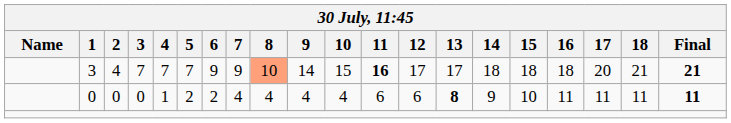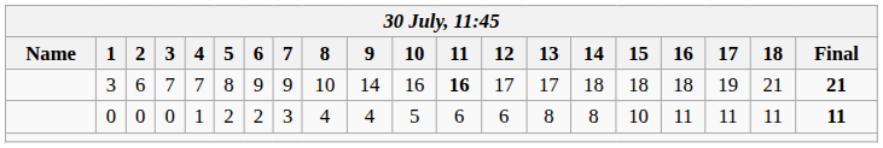 <table class=wikitable style="text-align:center; width: 55%">
 <tr>
 <th colspan=20><em>30 July, 11:45</em></th>
 </tr>
 <tr>
 <th>Name</th>
 <th>1</th>
 <th>2</th>
 <th>3</th>
 <th>4</th>
 <th>5</th>
 <th>6</th>
 <th>7</th>
 <th>8</th>
 <th>9</th>
 <th>10</th>
 <th>11</th>
 <th>12</th>
 <th>13</th>
 <th>14</th>
 <th>15</th>
 <th>16</th>
 <th>17</th>
 <th>18</th>
 <th>Final</th>
 </tr>
 <tr>
 <td align=left><strong></strong></td>
 <td>3</td>
-<td>4</td>
+<td>6</td>
 <td>7</td>
 <td>7</td>
-<td>7</td>
+<td>8</td>
 <td>9</td>
 <td>9</td>
-<td style="background: lightsalmon;">10</td>
+<td>10</td>
 <td>14</td>
-<td>15</td>
+<td>16</td>
 <td><strong>16</strong></td>
 <td>17</td>
 <td>17</td>
 <td>18</td>
 <td>18</td>
 <td>18</td>
-<td>20</td>
+<td>19</td>
 <td>21</td>
 <td><strong>21</strong></td>
 </tr>
 <tr>
 <td align=left></td>
 <td>0</td>
 <td>0</td>
 <td>0</td>
 <td>1</td>
 <td>2</td>
 <td>2</td>
+<td>3</td>
 <td>4</td>
 <td>4</td>
-<td>4</td>
-<td>4</td>
+<td>5</td>
 <td>6</td>
 <td>6</td>
-<td><strong>8</strong></td>
-<td>9</td>
+<td>8</td>
+<td>8</td>
 <td>10</td>
 <td>11</td>
 <td>11</td>
 <td>11</td>
 <td><strong>11</strong></td>
 </tr>
 <tr>
 <td colspan=20></td>
 </tr>
 </table>
